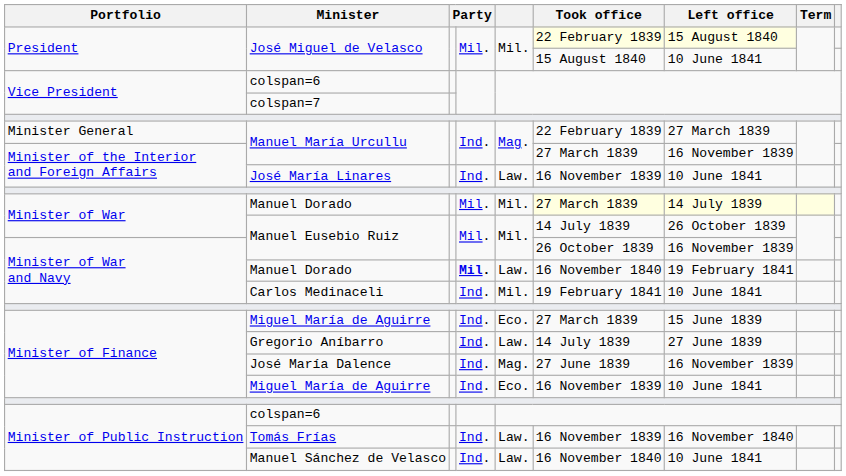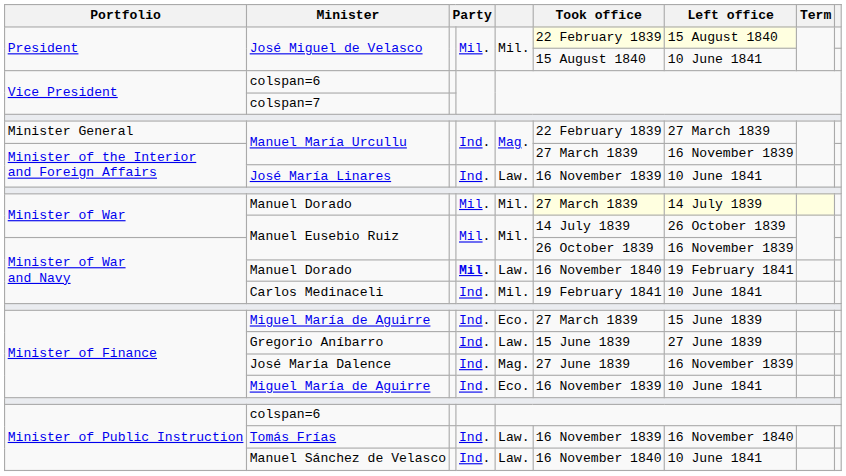 <table class="wikitable" style="font-size: 90%;">
 <tr>
 <th>Portfolio</th>
 <th>Minister</th>
 <th colspan="2">Party</th>
 <th></th>
 <th>Took office</th>
 <th>Left office</th>
 <th>Term</th>
 <th></th>
 </tr>
 <tr>
 <td rowspan=2><a href='#'>President</a></td>
 <td rowspan=2><a href='#'>José Miguel de Velasco</a></td>
 <td rowspan=2 style="background-color:"></td>
 <td rowspan=2><a href='#'>Mil</a>.</td>
 <td rowspan=2>Mil.</td>
 <td style="background-color:#FFFFE0;">22 February 1839</td>
 <td style="background-color:#FFFFE0;">15 August 1840</td>
 <td rowspan=2></td>
 <td></td>
 </tr>
 <tr>
 <td>15 August 1840</td>
 <td>10 June 1841</td>
 <td></td>
 </tr>
 <tr>
 <td rowspan=2><a href='#'>Vice President</a></td>
 <td>colspan=6 </td>
 <td></td>
 <td rowspan=2></td>
 </tr>
 <tr>
 <td>colspan=7 </td>
 </tr>
 <tr>
 <td colspan="9" bgcolor="#EAECF0"></td>
 </tr>
 <tr>
 <td>Minister General</td>
 <td rowspan=2><a href='#'>Manuel María Urcullu</a></td>
 <td rowspan=2 style="background-color:"></td>
 <td rowspan=2><a href='#'>Ind</a>.</td>
 <td rowspan=2><a href='#'>Mag</a>.</td>
 <td>22 February 1839</td>
 <td>27 March 1839</td>
 <td rowspan=2></td>
 <td></td>
 </tr>
 <tr>
 <td rowspan=2><a href='#'>Minister of the Interior<br>and Foreign Affairs</a></td>
 <td>27 March 1839</td>
 <td>16 November 1839</td>
 <td></td>
 </tr>
 <tr>
 <td><a href='#'>José María Linares</a></td>
 <td style="background-color:"></td>
 <td><a href='#'>Ind</a>.</td>
 <td>Law.</td>
 <td>16 November 1839</td>
 <td>10 June 1841</td>
 <td></td>
 <td></td>
 </tr>
 <tr>
 <td colspan="9" bgcolor="#EAECF0"></td>
 </tr>
 <tr>
 <td rowspan=2><a href='#'>Minister of War</a></td>
 <td>Manuel Dorado</td>
 <td style="background-color:"></td>
 <td><a href='#'>Mil</a>.</td>
 <td>Mil.</td>
 <td style="background-color:#FFFFE0;">27 March 1839</td>
 <td style="background-color:#FFFFE0;">14 July 1839</td>
 <td style="background-color:#FFFFE0;"></td>
 <td></td>
 </tr>
 <tr>
 <td rowspan=2>Manuel Eusebio Ruiz</td>
 <td rowspan=2 style="background-color:"></td>
 <td rowspan=2><a href='#'>Mil</a>.</td>
 <td rowspan=2>Mil.</td>
 <td>14 July 1839</td>
 <td>26 October 1839</td>
 <td rowspan=2></td>
 <td></td>
 </tr>
 <tr>
 <td rowspan=3><a href='#'>Minister of War<br>and Navy</a></td>
 <td>26 October 1839</td>
 <td>16 November 1839</td>
 <td></td>
 </tr>
 <tr>
 <td>Manuel Dorado</td>
 <td style="background-color:"></td>
 <td><strong><a href='#'>Mil</a>.</strong></td>
 <td>Law.</td>
 <td>16 November 1840</td>
 <td>19 February 1841</td>
 <td></td>
 <td></td>
 </tr>
 <tr>
 <td>Carlos Medinaceli</td>
 <td style="background-color:"></td>
 <td><a href='#'>Ind</a>.</td>
 <td>Mil.</td>
 <td>19 February 1841</td>
 <td>10 June 1841</td>
 <td></td>
 <td></td>
 </tr>
 <tr>
 <td colspan="9" bgcolor="#EAECF0"></td>
 </tr>
 <tr>
 <td rowspan=4><a href='#'>Minister of Finance</a></td>
 <td><a href='#'>Miguel María de Aguirre</a></td>
 <td style="background-color:"></td>
 <td><a href='#'>Ind</a>.</td>
 <td>Eco.</td>
 <td>27 March 1839</td>
 <td>15 June 1839</td>
 <td></td>
 <td></td>
 </tr>
 <tr>
 <td>Gregorio Aníbarro</td>
 <td style="background-color:"></td>
 <td><a href='#'>Ind</a>.</td>
 <td>Law.</td>
-<td>14 July 1839</td>
+<td>15 June 1839</td>
 <td>27 June 1839</td>
 <td></td>
 <td></td>
 </tr>
 <tr>
 <td>José María Dalence</td>
 <td style="background-color:"></td>
 <td><a href='#'>Ind</a>.</td>
 <td>Mag.</td>
 <td>27 June 1839</td>
 <td>16 November 1839</td>
 <td></td>
 <td></td>
 </tr>
 <tr>
 <td><a href='#'>Miguel María de Aguirre</a></td>
 <td style="background-color:"></td>
 <td><a href='#'>Ind</a>.</td>
 <td>Eco.</td>
 <td>16 November 1839</td>
 <td>10 June 1841</td>
 <td></td>
 <td></td>
 </tr>
 <tr>
 <td colspan="9" bgcolor="#EAECF0"></td>
 </tr>
 <tr>
 <td rowspan=3><a href='#'>Minister of Public Instruction</a></td>
 <td>colspan=6 </td>
 <td></td>
 <td></td>
 </tr>
 <tr>
 <td><a href='#'>Tomás Frías</a></td>
 <td style="background-color:"></td>
 <td><a href='#'>Ind</a>.</td>
 <td>Law.</td>
 <td>16 November 1839</td>
 <td>16 November 1840</td>
 <td></td>
 <td></td>
 </tr>
 <tr>
 <td>Manuel Sánchez de Velasco</td>
 <td style="background-color:"></td>
 <td><a href='#'>Ind</a>.</td>
 <td>Law.</td>
 <td>16 November 1840</td>
 <td>10 June 1841</td>
 <td></td>
 <td></td>
 </tr>
 </table>
